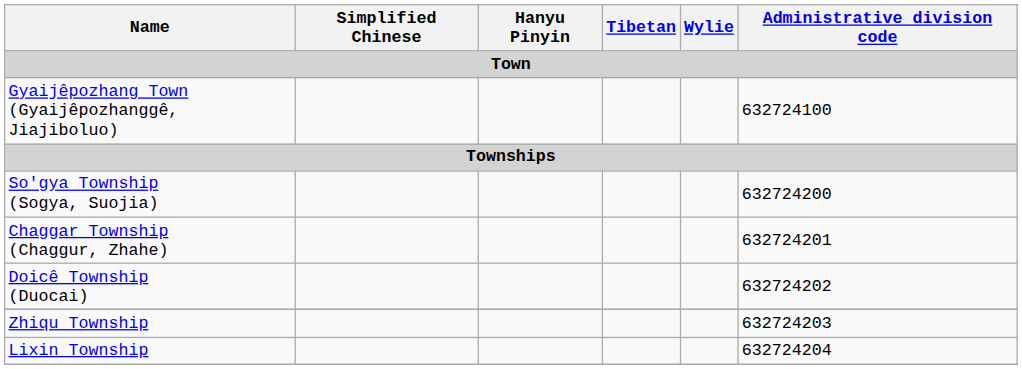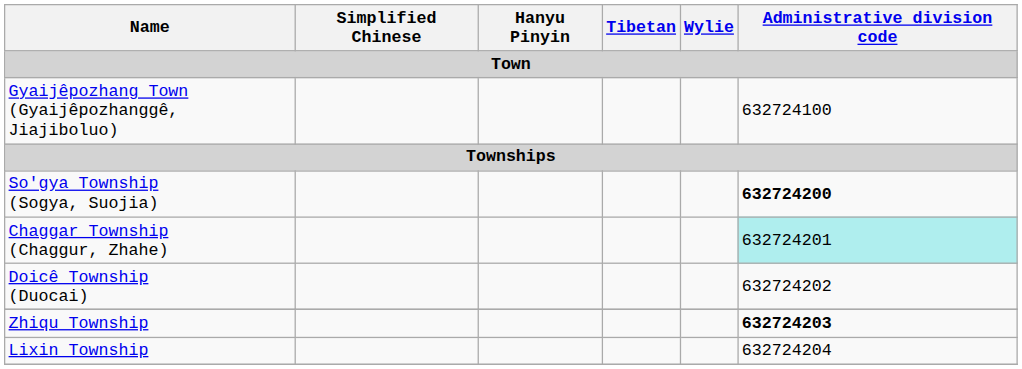 <table class="wikitable" align="center" style="width:50%; border="1">
 <tr>
 <th>Name</th>
 <th>Simplified Chinese</th>
 <th>Hanyu Pinyin</th>
 <th><a href='#'>Tibetan</a></th>
 <th><a href='#'>Wylie</a></th>
 <th><a href='#'>Administrative division code</a></th>
 </tr>
 <tr>
 <td colspan="7"  style="text-align:center; background:#d3d3d3;"><strong>Town</strong></td>
 </tr>
 <tr --------->
 <td><a href='#'>Gyaijêpozhang Town</a><br>(Gyaijêpozhanggê, Jiajiboluo)</td>
 <td></td>
 <td></td>
 <td></td>
 <td></td>
 <td>632724100</td>
 </tr>
 <tr>
 <td colspan="7"  style="text-align:center; background:#d3d3d3;"><strong>Townships</strong></td>
 </tr>
 <tr --------->
 <td><a href='#'>So'gya Township</a><br>(Sogya, Suojia)</td>
 <td></td>
 <td></td>
 <td></td>
 <td></td>
-<td>632724200</td>
+<td><strong>632724200</strong></td>
 </tr>
 <tr>
 <td><a href='#'>Chaggar Township</a><br>(Chaggur, Zhahe)</td>
 <td></td>
 <td></td>
 <td></td>
 <td></td>
-<td>632724201</td>
+<td style="background: paleturquoise;">632724201</td>
 </tr>
 <tr>
 <td><a href='#'>Doicê Township</a><br>(Duocai)</td>
 <td></td>
 <td></td>
 <td></td>
 <td></td>
 <td>632724202</td>
 </tr>
 <tr>
 </tr>
 <tr>
 <td><a href='#'>Zhiqu Township</a></td>
 <td></td>
 <td></td>
 <td></td>
 <td></td>
-<td>632724203</td>
+<td><strong>632724203</strong></td>
 </tr>
 <tr>
 <td><a href='#'>Lixin Township</a></td>
 <td></td>
 <td></td>
 <td></td>
 <td></td>
 <td>632724204</td>
 </tr>
 <tr>
 </tr>
 </table>
